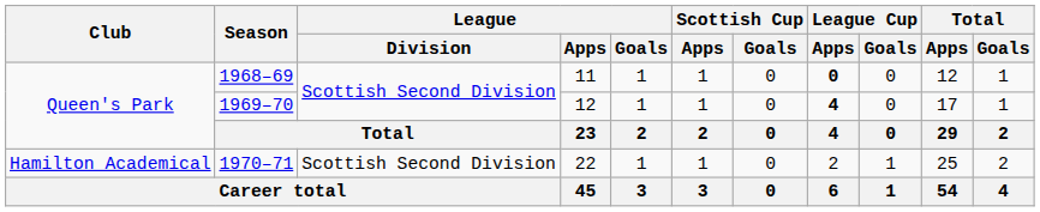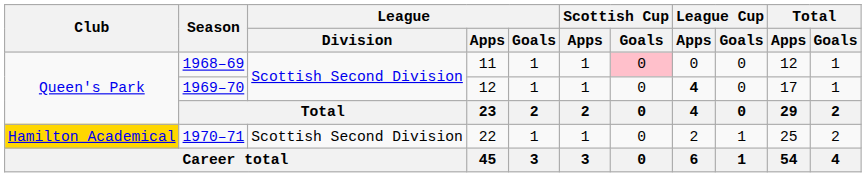 <table class="wikitable" style="text-align: center;">
 <tr>
 <th rowspan="2">Club</th>
 <th rowspan="2">Season</th>
 <th colspan="3">League</th>
 <th colspan="2">Scottish Cup</th>
 <th colspan="2">League Cup</th>
 <th colspan="2">Total</th>
 </tr>
 <tr>
 <th>Division</th>
 <th>Apps</th>
 <th>Goals</th>
 <th>Apps</th>
 <th>Goals</th>
 <th>Apps</th>
 <th>Goals</th>
 <th>Apps</th>
 <th>Goals</th>
 </tr>
 <tr>
 <td rowspan="3"><a href='#'>Queen's Park</a></td>
 <td><a href='#'>1968–69</a></td>
 <td rowspan="2"><a href='#'>Scottish Second Division</a></td>
 <td>11</td>
 <td>1</td>
 <td>1</td>
+<td style="background: pink;">0</td>
 <td>0</td>
-<td><strong>0</strong></td>
 <td>0</td>
 <td>12</td>
 <td>1</td>
 </tr>
 <tr>
 <td><a href='#'>1969–70</a></td>
 <td>12</td>
 <td>1</td>
 <td>1</td>
 <td>0</td>
 <td><strong>4</strong></td>
 <td>0</td>
 <td>17</td>
 <td>1</td>
 </tr>
 <tr>
 <th colspan="2">Total</th>
 <th>23</th>
 <th>2</th>
 <th>2</th>
 <th>0</th>
 <th>4</th>
 <th>0</th>
 <th>29</th>
 <th>2</th>
 </tr>
 <tr>
-<td><a href='#'>Hamilton Academical</a></td>
+<td style="background: gold;"><a href='#'>Hamilton Academical</a></td>
 <td><a href='#'>1970–71</a></td>
 <td>Scottish Second Division</td>
 <td>22</td>
 <td>1</td>
 <td>1</td>
 <td>0</td>
 <td>2</td>
 <td>1</td>
 <td>25</td>
 <td>2</td>
 </tr>
 <tr>
 <th colspan="3">Career total</th>
 <th>45</th>
 <th>3</th>
 <th>3</th>
 <th>0</th>
 <th>6</th>
 <th>1</th>
 <th>54</th>
 <th>4</th>
 </tr>
 </table>
